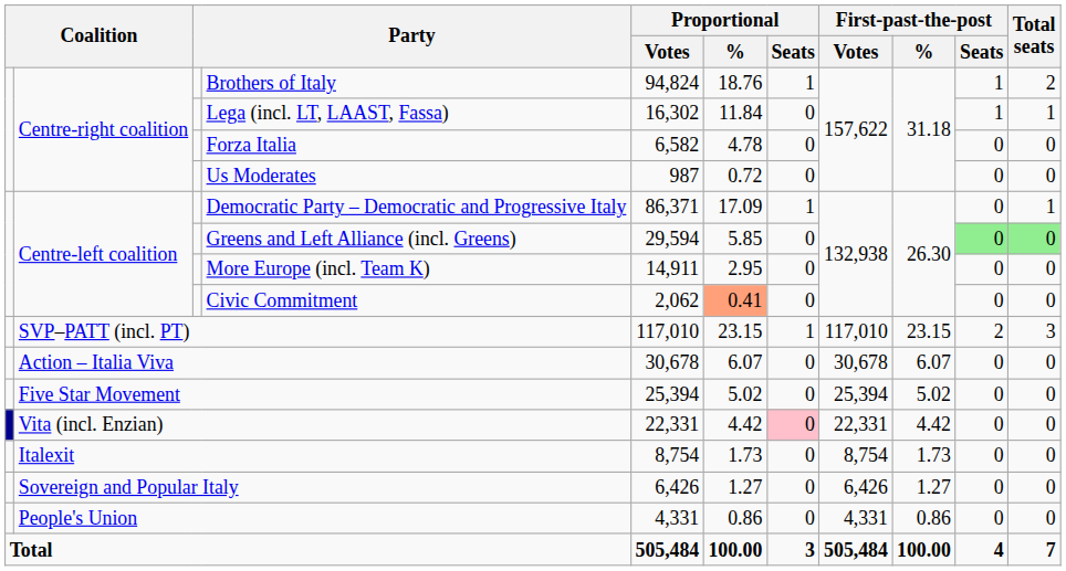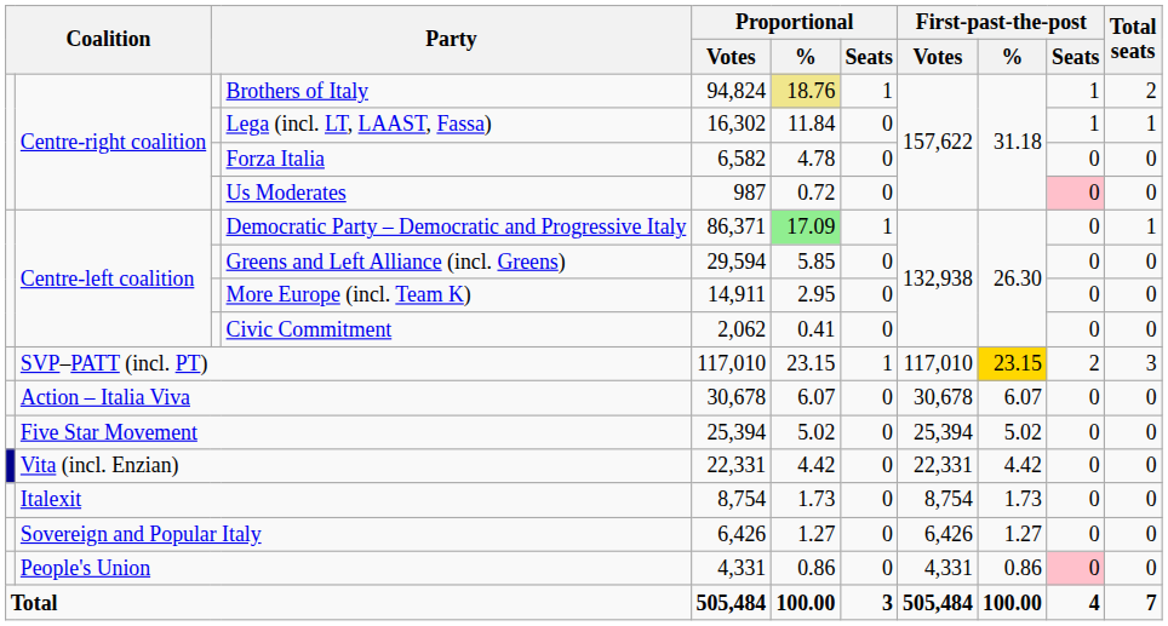 <table class="wikitable centre sortable" style="text-align:right">
 <tr>
 <th colspan="2" rowspan="2">Coalition</th>
 <th colspan=2 rowspan=2>Party</th>
 <th colspan="3"  style="text-align:center; vertical-align:top;">Proportional</th>
 <th colspan="3"  style="text-align:center; vertical-align:top;">First-past-the-post</th>
 <th style="text-align:center;" rowspan="2">Total<br>seats</th>
 </tr>
 <tr>
 <th style="text-align:center; vertical-align:bottom;">Votes</th>
 <th style="text-align:center; vertical-align:bottom;">%</th>
 <th style="text-align:center; vertical-align:bottom;">Seats</th>
 <th style="text-align:center; vertical-align:bottom;">Votes</th>
 <th style="text-align:center; vertical-align:bottom;">%</th>
 <th style="text-align:center; vertical-align:bottom;">Seats</th>
 </tr>
 <tr>
 <td rowspan="4" style="background:"></td>
 <td style="text-align:left;" rowspan="4"><a href='#'>Centre-right coalition</a></td>
 <td style="background:"></td>
 <td style="text-align:left"><a href='#'>Brothers of Italy</a></td>
 <td>94,824</td>
-<td>18.76</td>
+<td style="background: khaki;">18.76</td>
 <td>1</td>
 <td rowspan="4">157,622</td>
 <td rowspan="4">31.18</td>
 <td>1</td>
 <td>2</td>
 </tr>
 <tr>
 <td style="background:"></td>
 <td style="text-align:left"><a href='#'>Lega</a> (incl. <a href='#'>LT</a>, <a href='#'>LAAST</a>, <a href='#'>Fassa</a>)</td>
 <td>16,302</td>
 <td>11.84</td>
 <td>0</td>
 <td>1</td>
 <td>1</td>
 </tr>
 <tr>
 <td style="background:"></td>
 <td style="text-align:left"><a href='#'>Forza Italia</a></td>
 <td>6,582</td>
 <td>4.78</td>
 <td>0</td>
 <td>0</td>
 <td>0</td>
 </tr>
 <tr>
 <td style="background:"></td>
 <td style="text-align:left"><a href='#'>Us Moderates</a></td>
 <td>987</td>
 <td>0.72</td>
 <td>0</td>
-<td>0</td>
+<td style="background: pink;">0</td>
 <td>0</td>
 </tr>
 <tr>
 <td rowspan="4" style="background:"></td>
 <td style="text-align:left;" rowspan="4"><a href='#'>Centre-left coalition</a></td>
 <td style="background:"></td>
 <td style="text-align:left"><a href='#'>Democratic Party – Democratic and Progressive Italy</a></td>
 <td>86,371</td>
-<td>17.09</td>
+<td style="background: lightgreen;">17.09</td>
 <td>1</td>
 <td rowspan="4">132,938</td>
 <td rowspan="4">26.30</td>
 <td>0</td>
 <td>1</td>
 </tr>
 <tr>
 <td style="background:"></td>
 <td style="text-align:left;"><a href='#'>Greens and Left Alliance</a> (incl. <a href='#'>Greens</a>)</td>
 <td>29,594</td>
 <td>5.85</td>
 <td>0</td>
-<td style="background: lightgreen;">0</td>
-<td style="background: lightgreen;">0</td>
+<td>0</td>
+<td>0</td>
 </tr>
 <tr>
 <td style="background:"></td>
 <td style="text-align:left;"><a href='#'>More Europe</a> (incl. <a href='#'>Team K</a>)</td>
 <td>14,911</td>
 <td>2.95</td>
 <td>0</td>
 <td>0</td>
 <td>0</td>
 </tr>
 <tr>
 <td style="background:"></td>
 <td style="text-align:left;"><a href='#'>Civic Commitment</a></td>
 <td>2,062</td>
-<td style="background: lightsalmon;">0.41</td>
+<td>0.41</td>
 <td>0</td>
 <td>0</td>
 <td>0</td>
 </tr>
 <tr>
 <td style="background:"></td>
 <td style="text-align:left;" colspan="3"><a href='#'>SVP</a>–<a href='#'>PATT</a> (incl. <a href='#'>PT</a>)</td>
 <td>117,010</td>
 <td>23.15</td>
 <td>1</td>
 <td>117,010</td>
-<td>23.15</td>
+<td style="background: gold;">23.15</td>
 <td>2</td>
 <td>3</td>
 </tr>
 <tr>
 <td style="background:"></td>
 <td colspan="3" style="text-align:left;"><a href='#'>Action – Italia Viva</a></td>
 <td>30,678</td>
 <td>6.07</td>
 <td>0</td>
 <td>30,678</td>
 <td>6.07</td>
 <td>0</td>
 <td>0</td>
 </tr>
 <tr 、>
 <td style="background:"></td>
 <td colspan="3" style="text-align:left;"><a href='#'>Five Star Movement</a></td>
 <td>25,394</td>
 <td>5.02</td>
 <td>0</td>
 <td>25,394</td>
 <td>5.02</td>
 <td>0</td>
 <td>0</td>
 </tr>
 <tr>
 <td style="background:darkblue;"></td>
 <td colspan="3" style="text-align:left;"><a href='#'>Vita</a> (incl. Enzian)</td>
 <td>22,331</td>
 <td>4.42</td>
-<td style="background: pink;">0</td>
+<td>0</td>
 <td>22,331</td>
 <td>4.42</td>
 <td>0</td>
 <td>0</td>
 </tr>
 <tr>
 <td style="background:"></td>
 <td colspan="3" style="text-align:left;"><a href='#'>Italexit</a></td>
 <td>8,754</td>
 <td>1.73</td>
 <td>0</td>
 <td>8,754</td>
 <td>1.73</td>
 <td>0</td>
 <td>0</td>
 </tr>
 <tr>
 <td style="background:"></td>
 <td colspan="3" style="text-align:left;"><a href='#'>Sovereign and Popular Italy</a></td>
 <td>6,426</td>
 <td>1.27</td>
 <td>0</td>
 <td>6,426</td>
 <td>1.27</td>
 <td>0</td>
 <td>0</td>
 </tr>
 <tr>
 <td style="background:"></td>
 <td colspan="3" style="text-align:left;"><a href='#'>People's Union</a></td>
 <td>4,331</td>
 <td>0.86</td>
 <td>0</td>
 <td>4,331</td>
 <td>0.86</td>
-<td>0</td>
+<td style="background: pink;">0</td>
 <td>0</td>
 </tr>
 <tr>
 <td colspan="4" style="text-align:left;"><strong>Total</strong></td>
 <td><strong>505,484</strong></td>
 <td><strong>100.00</strong></td>
 <td><strong>3</strong></td>
 <td><strong>505,484</strong></td>
 <td><strong>100.00</strong></td>
 <td><strong>4</strong></td>
 <td><strong>7</strong></td>
 </tr>
 </table>
